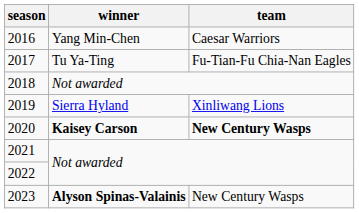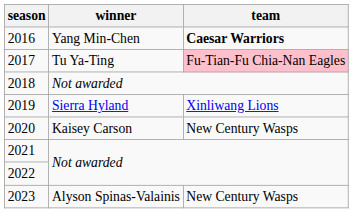 <table class="wikitable" style="font-size:95%;">
 <tr>
 <th>season</th>
 <th>winner</th>
 <th>team</th>
 </tr>
 <tr>
 <td>2016</td>
 <td>Yang Min-Chen</td>
-<td>Caesar Warriors</td>
+<td><strong>Caesar Warriors</strong></td>
 </tr>
 <tr>
 <td>2017</td>
 <td>Tu Ya-Ting</td>
-<td>Fu-Tian-Fu Chia-Nan Eagles</td>
+<td style="background: pink;">Fu-Tian-Fu Chia-Nan Eagles</td>
 </tr>
 <tr>
 <td>2018</td>
 <td colspan=2><em>Not awarded</em></td>
 </tr>
 <tr>
 <td>2019</td>
 <td><a href='#'>Sierra Hyland</a></td>
 <td><a href='#'>Xinliwang Lions</a></td>
 </tr>
 <tr>
 <td>2020</td>
-<td><strong>Kaisey Carson</strong></td>
-<td><strong>New Century Wasps</strong></td>
+<td>Kaisey Carson</td>
+<td>New Century Wasps</td>
 </tr>
 <tr>
 <td>2021</td>
 <td colspan=2 rowspan=2><em>Not awarded</em></td>
 </tr>
 <tr>
 <td>2022</td>
 </tr>
 <tr>
 <td>2023</td>
-<td><strong>Alyson Spinas-Valainis</strong></td>
+<td>Alyson Spinas-Valainis</td>
 <td>New Century Wasps</td>
 </tr>
 </table>
